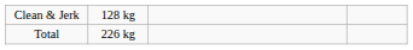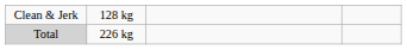 <table class = "wikitable" style="text-align:center;">
 <tr>
 <td width=100>Clean & Jerk</td>
 <td width=70>128 kg</td>
 <td width=250 align=left></td>
 <td width=70></td>
 </tr>
 <tr>
-<td>Total</td>
+<td style="background: lightgrey;">Total</td>
 <td>226 kg</td>
 <td align=left></td>
 <td></td>
 </tr>
 </table>
